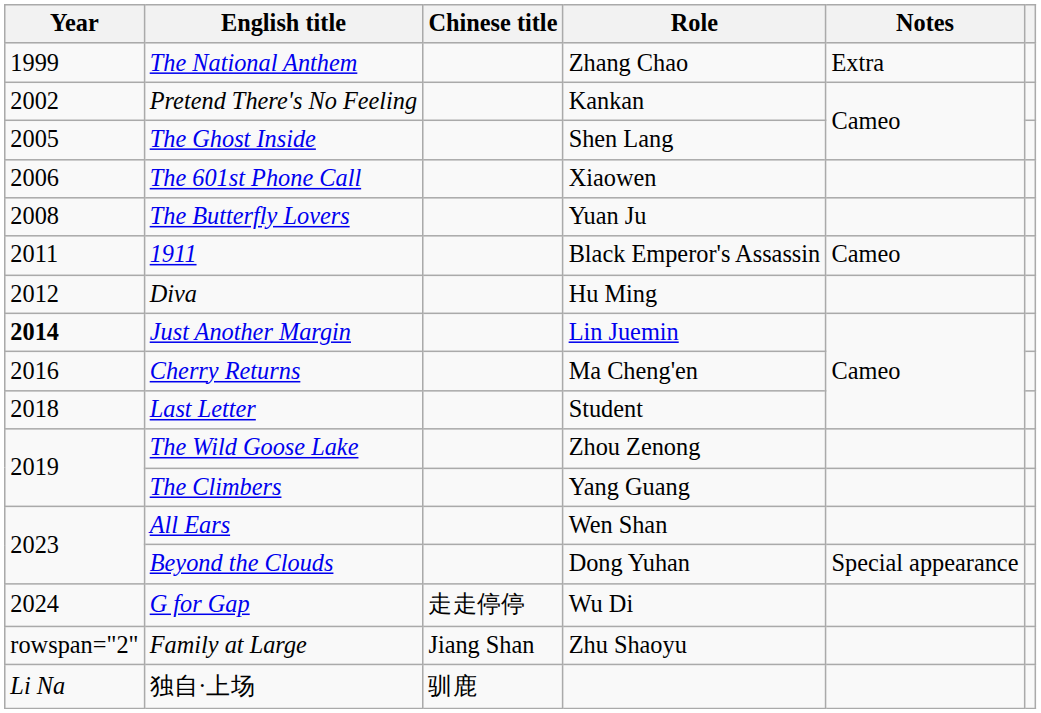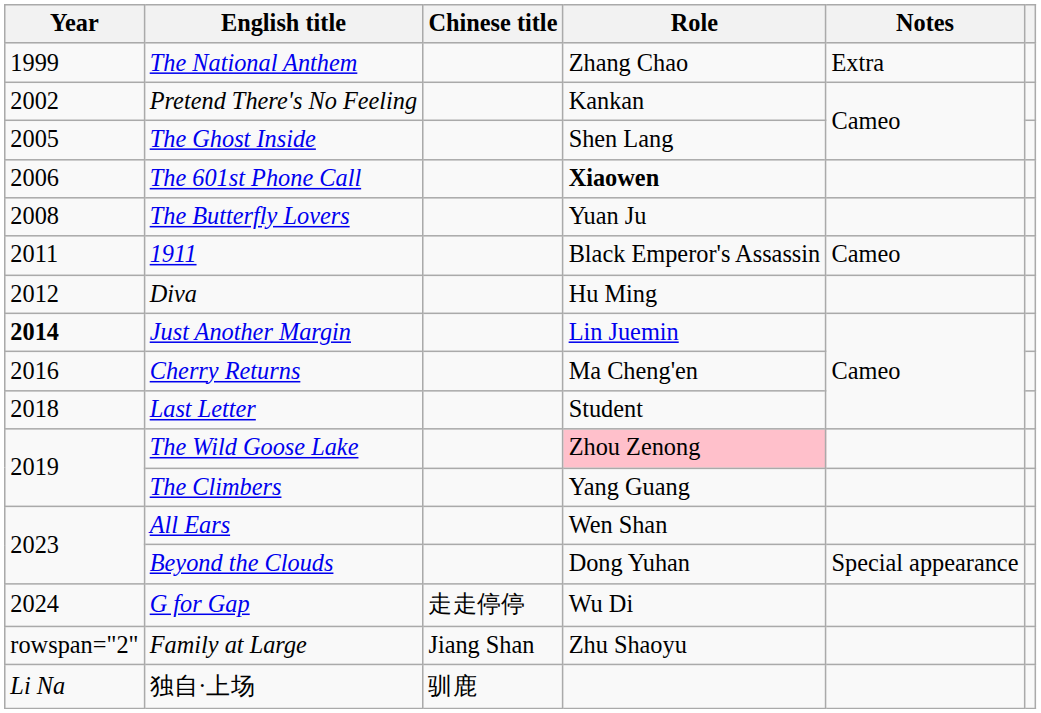 <table class="wikitable sortable plainrowheaders">
 <tr>
 <th>Year</th>
 <th>English title</th>
 <th>Chinese title</th>
 <th>Role</th>
 <th class="unsortable">Notes</th>
 <th class="unsortable"></th>
 </tr>
 <tr>
 <td>1999</td>
 <td><em><a href='#'>The National Anthem</a></em></td>
 <td></td>
 <td>Zhang Chao</td>
 <td>Extra</td>
 <td></td>
 </tr>
 <tr>
 <td>2002</td>
 <td><em>Pretend There's No Feeling</em></td>
 <td></td>
 <td>Kankan</td>
 <td rowspan="2">Cameo</td>
 <td></td>
 </tr>
 <tr>
 <td>2005</td>
 <td><em><a href='#'>The Ghost Inside</a></em></td>
 <td></td>
 <td>Shen Lang</td>
 <td></td>
 </tr>
 <tr>
 <td>2006</td>
 <td><em><a href='#'>The 601st Phone Call</a></em></td>
 <td></td>
-<td>Xiaowen</td>
+<td><strong>Xiaowen</strong></td>
 <td></td>
 <td></td>
 </tr>
 <tr>
 <td>2008</td>
 <td><em><a href='#'>The Butterfly Lovers</a></em></td>
 <td></td>
 <td>Yuan Ju</td>
 <td></td>
 <td></td>
 </tr>
 <tr>
 <td>2011</td>
 <td><em><a href='#'>1911</a></em></td>
 <td></td>
 <td>Black Emperor's Assassin</td>
 <td>Cameo</td>
 <td></td>
 </tr>
 <tr>
 <td>2012</td>
 <td><em>Diva</em></td>
 <td></td>
 <td>Hu Ming</td>
 <td></td>
 <td></td>
 </tr>
 <tr>
 <td><strong>2014</strong></td>
 <td><em><a href='#'>Just Another Margin</a></em></td>
 <td></td>
 <td><a href='#'>Lin Juemin</a></td>
 <td rowspan="3">Cameo</td>
 <td></td>
 </tr>
 <tr>
 <td>2016</td>
 <td><em><a href='#'>Cherry Returns</a></em></td>
 <td></td>
 <td>Ma Cheng'en</td>
 <td></td>
 </tr>
 <tr>
 <td>2018</td>
 <td><em><a href='#'>Last Letter</a></em></td>
 <td></td>
 <td>Student</td>
 <td></td>
 </tr>
 <tr>
 <td rowspan=2>2019</td>
 <td><em><a href='#'>The Wild Goose Lake</a></em></td>
 <td></td>
-<td>Zhou Zenong</td>
+<td style="background: pink;">Zhou Zenong</td>
 <td></td>
 <td></td>
 </tr>
 <tr>
 <td><em><a href='#'>The Climbers</a></em></td>
 <td></td>
 <td>Yang Guang</td>
 <td></td>
 <td></td>
 </tr>
 <tr>
 <td rowspan="2">2023</td>
 <td><em><a href='#'>All Ears</a></em></td>
 <td></td>
 <td>Wen Shan</td>
 <td></td>
 <td></td>
 </tr>
 <tr>
 <td><em><a href='#'>Beyond the Clouds</a></em></td>
 <td></td>
 <td>Dong Yuhan</td>
 <td>Special appearance</td>
 <td></td>
 </tr>
 <tr>
 <td>2024</td>
 <td><em><a href='#'>G for Gap</a></em></td>
 <td>走走停停</td>
 <td>Wu Di</td>
 <td></td>
 <td></td>
 </tr>
 <tr>
 <td>rowspan="2" </td>
 <td><em>Family at Large</em></td>
 <td>Jiang Shan</td>
 <td>Zhu Shaoyu</td>
 <td></td>
 <td></td>
 </tr>
 <tr>
 <td><em>Li Na</em></td>
 <td>独自·上场</td>
 <td>驯鹿</td>
 <td></td>
 <td></td>
 </tr>
 </table>
